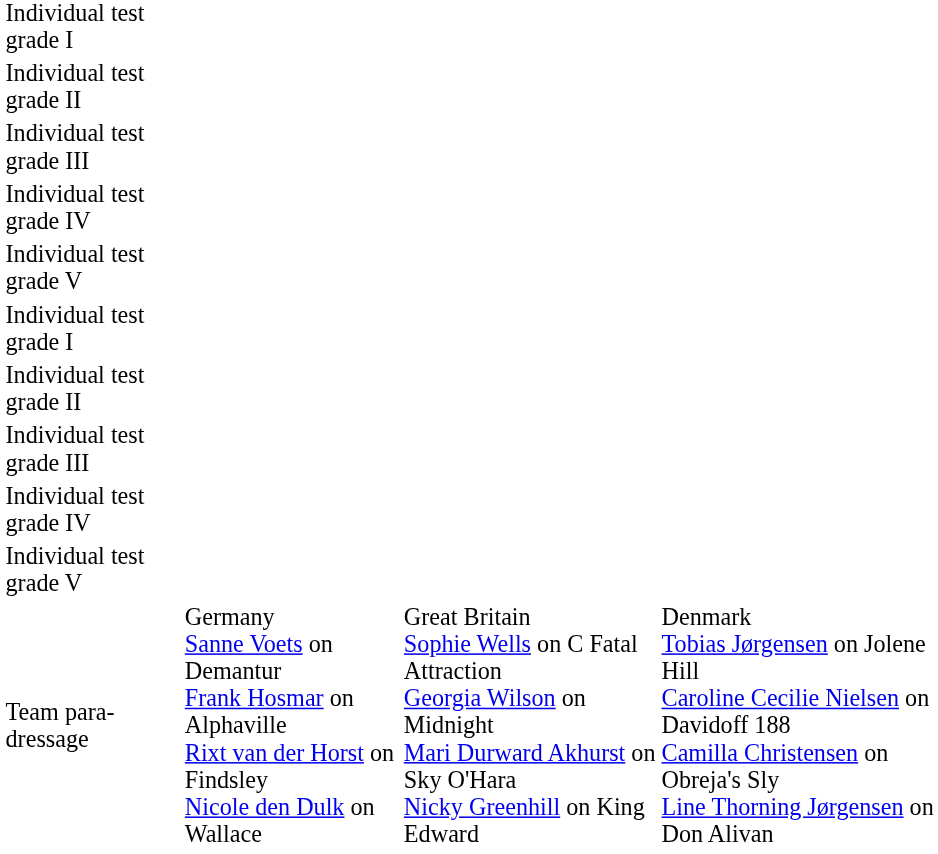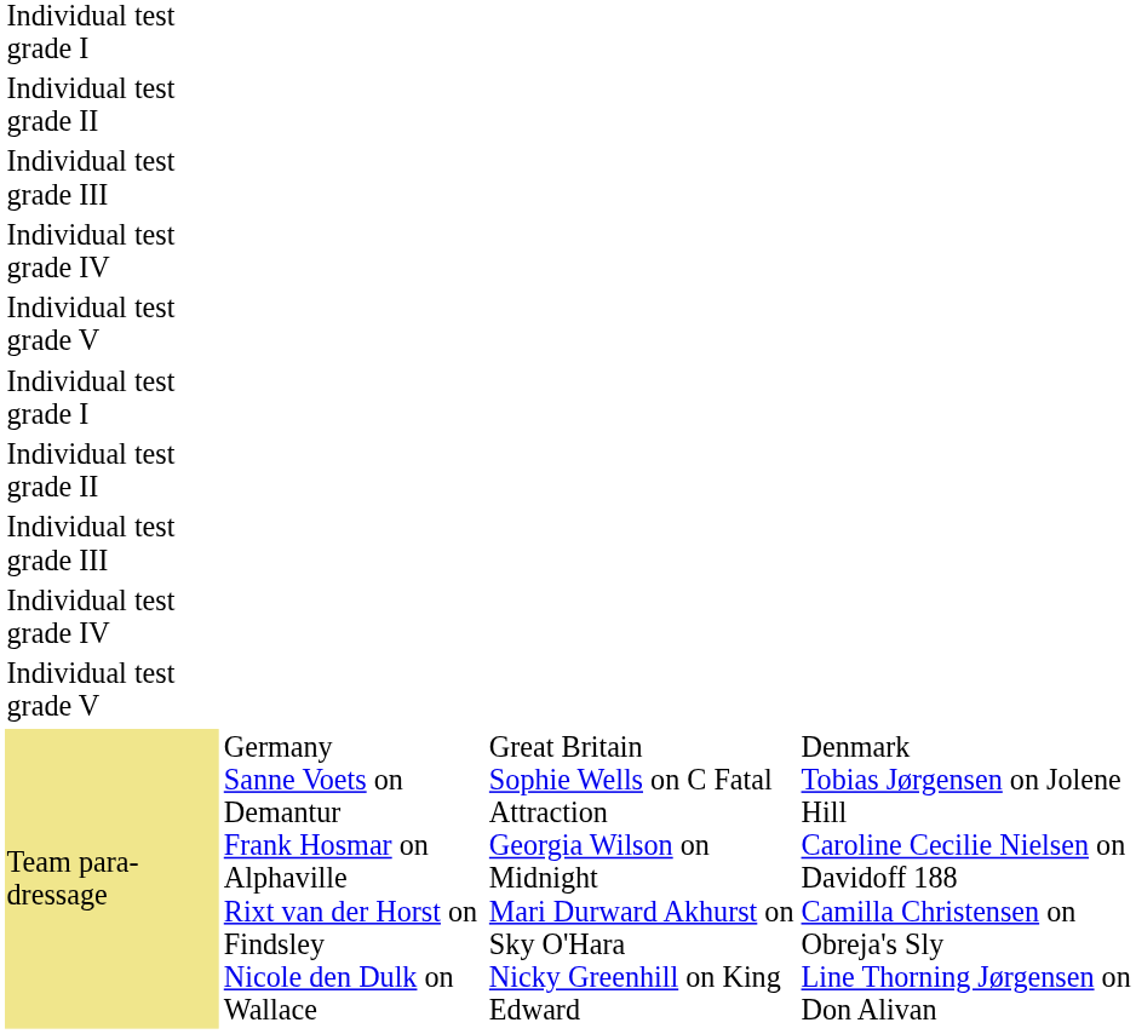 <table>
 <tr>
 <td>Individual test grade I<br></td>
 <td></td>
 <td></td>
 <td></td>
 </tr>
 <tr>
 <td>Individual test grade II<br></td>
 <td></td>
 <td></td>
 <td></td>
 </tr>
 <tr>
 <td>Individual test grade III<br></td>
 <td></td>
 <td></td>
 <td></td>
 </tr>
 <tr>
 <td>Individual test grade IV<br></td>
 <td></td>
 <td></td>
 <td></td>
 </tr>
 <tr>
 <td>Individual test grade V<br></td>
 <td></td>
 <td></td>
 <td></td>
 </tr>
 <tr>
 <td>Individual test grade I<br></td>
 <td></td>
 <td></td>
 <td></td>
 </tr>
 <tr>
 <td>Individual test grade II<br></td>
 <td></td>
 <td></td>
 <td></td>
 </tr>
 <tr>
 <td>Individual test grade III<br></td>
 <td></td>
 <td></td>
 <td></td>
 </tr>
 <tr>
 <td>Individual test grade IV<br></td>
 <td></td>
 <td></td>
 <td></td>
 </tr>
 <tr>
 <td>Individual test grade V<br></td>
 <td></td>
 <td></td>
 <td></td>
 </tr>
 <tr>
-<td>Team para-dressage<br></td>
+<td style="background: khaki;">Team para-dressage<br></td>
 <td> Germany <br><a href='#'>Sanne Voets</a> on Demantur<br><a href='#'>Frank Hosmar</a> on Alphaville<br><a href='#'>Rixt van der Horst</a> on Findsley<br><a href='#'>Nicole den Dulk</a> on Wallace</td>
 <td> Great Britain <br><a href='#'>Sophie Wells</a> on C Fatal Attraction<br><a href='#'>Georgia Wilson</a> on Midnight<br><a href='#'>Mari Durward Akhurst</a> on Sky O'Hara<br><a href='#'>Nicky Greenhill</a> on King Edward</td>
 <td> Denmark <br><a href='#'>Tobias Jørgensen</a> on Jolene Hill<br><a href='#'>Caroline Cecilie Nielsen</a> on Davidoff 188<br><a href='#'>Camilla Christensen</a> on Obreja's Sly<br><a href='#'>Line Thorning Jørgensen</a> on Don Alivan</td>
 </tr>
 </table>
